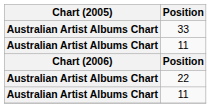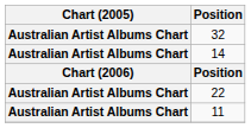 <table class="wikitable sortable plainrowheaders" style="text-align:center">
 <tr>
 <th scope="col">Chart (2005)</th>
 <th scope="col">Position</th>
 </tr>
 <tr>
 <th scope="row">Australian Artist Albums Chart</th>
-<td>33</td>
+<td>32</td>
 </tr>
 <tr>
 <th scope="row">Australian Artist Albums Chart</th>
-<td>11</td>
+<td>14</td>
 </tr>
 <tr>
 <th scope="col">Chart (2006)</th>
 <th scope="col">Position</th>
 </tr>
 <tr>
 <th scope="row">Australian Artist Albums Chart</th>
 <td>22</td>
 </tr>
 <tr>
 <th scope="row">Australian Artist Albums Chart</th>
 <td>11</td>
 </tr>
 <tr>
 </tr>
 </table>
